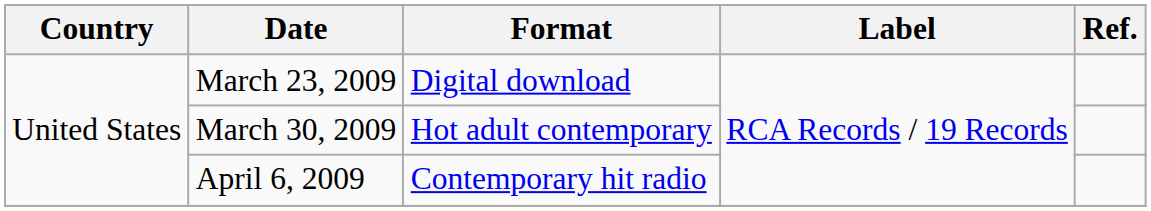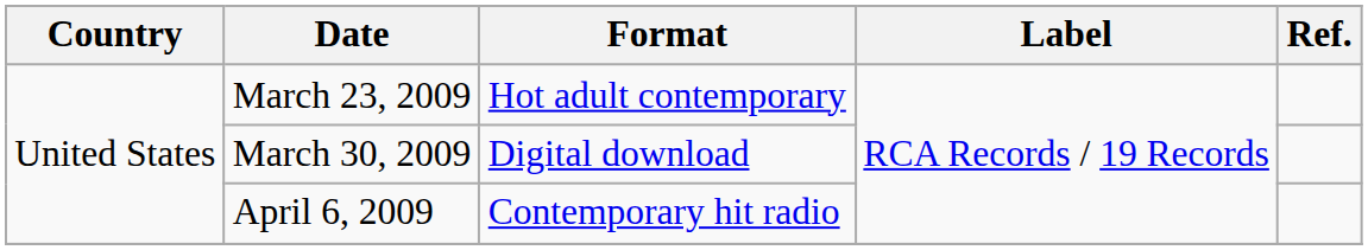 <table class="wikitable">
 <tr>
 <th>Country</th>
 <th>Date</th>
 <th>Format</th>
 <th>Label</th>
 <th>Ref.</th>
 </tr>
 <tr>
 <td rowspan="3">United States</td>
 <td>March 23, 2009</td>
-<td><a href='#'>Digital download</a></td>
+<td><a href='#'>Hot adult contemporary</a></td>
 <td rowspan="3"><a href='#'>RCA Records</a> / <a href='#'>19 Records</a></td>
 <td></td>
 </tr>
 <tr>
 <td>March 30, 2009</td>
-<td><a href='#'>Hot adult contemporary</a></td>
+<td><a href='#'>Digital download</a></td>
 <td></td>
 </tr>
 <tr>
 <td>April 6, 2009</td>
 <td><a href='#'>Contemporary hit radio</a></td>
 <td></td>
 </tr>
 <tr>
 </tr>
 </table>
